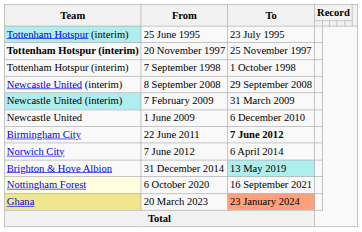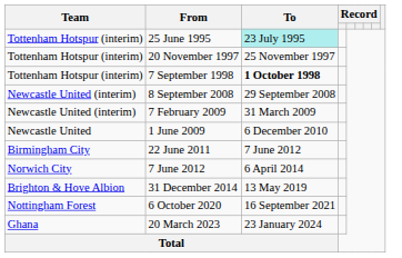 <table class=wikitable style="text-align: left">
 <tr>
 <th rowspan=2>Team</th>
 <th rowspan=2>From</th>
 <th rowspan=2>To</th>
 <th colspan=5>Record</th>
 <th rowspan=2></th>
 </tr>
 <tr>
 <th></th>
 <th></th>
 <th></th>
 <th></th>
 <th></th>
 </tr>
 <tr>
-<td style="background: paleturquoise;"><a href='#'>Tottenham Hotspur</a> (interim)</td>
+<td><a href='#'>Tottenham Hotspur</a> (interim)</td>
 <td>25 June 1995</td>
-<td>23 July 1995<br></td>
+<td style="background: paleturquoise;">23 July 1995<br></td>
 <td style="text-align: center"></td>
 </tr>
 <tr>
-<td><strong>Tottenham Hotspur (interim)</strong></td>
+<td>Tottenham Hotspur (interim)</td>
 <td>20 November 1997</td>
 <td>25 November 1997<br></td>
 <td style="text-align: center"></td>
 </tr>
 <tr>
 <td>Tottenham Hotspur (interim)</td>
 <td>7 September 1998</td>
-<td>1 October 1998<br></td>
+<td><strong>1 October 1998<br></strong></td>
 <td style="text-align: center"></td>
 </tr>
 <tr>
 <td><a href='#'>Newcastle United</a> (interim)</td>
 <td>8 September 2008</td>
 <td>29 September 2008<br></td>
 <td style="text-align: center"></td>
 </tr>
 <tr>
-<td style="background: paleturquoise;">Newcastle United (interim)</td>
+<td>Newcastle United (interim)</td>
 <td>7 February 2009</td>
 <td>31 March 2009<br></td>
 <td style="text-align: center"></td>
 </tr>
 <tr>
 <td>Newcastle United</td>
 <td>1 June 2009</td>
 <td>6 December 2010<br></td>
 <td style="text-align: center"></td>
 </tr>
 <tr>
 <td><a href='#'>Birmingham City</a></td>
 <td>22 June 2011</td>
-<td><strong>7 June 2012<br></strong></td>
+<td>7 June 2012<br></td>
 <td style="text-align: center"></td>
 </tr>
 <tr>
 <td><a href='#'>Norwich City</a></td>
 <td>7 June 2012</td>
 <td>6 April 2014<br></td>
 <td style="text-align: center"></td>
 </tr>
 <tr>
 <td><a href='#'>Brighton & Hove Albion</a></td>
 <td>31 December 2014</td>
-<td style="background: paleturquoise;">13 May 2019<br></td>
+<td>13 May 2019<br></td>
 <td style="text-align: center"></td>
 </tr>
 <tr>
-<td style="background: lightyellow;"><a href='#'>Nottingham Forest</a></td>
+<td><a href='#'>Nottingham Forest</a></td>
 <td>6 October 2020</td>
 <td>16 September 2021<br></td>
 <td style="text-align: center"></td>
 </tr>
 <tr>
-<td align=left style="background: khaki;"><a href='#'>Ghana</a></td>
+<td align=left><a href='#'>Ghana</a></td>
 <td align=left>20 March 2023</td>
-<td align=left style="background: lightsalmon;">23 January 2024<br></td>
+<td align=left>23 January 2024<br></td>
 <td style="text-align: center"></td>
 </tr>
 <tr>
 <th colspan=3>Total<br></th>
 </tr>
 </table>
